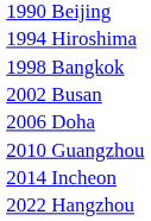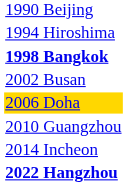 <table>
 <tr>
 <td><a href='#'>1990 Beijing</a></td>
 <td></td>
 <td></td>
 <td></td>
 </tr>
 <tr>
 <td><a href='#'>1994 Hiroshima</a></td>
 <td></td>
 <td></td>
 <td></td>
 </tr>
 <tr>
-<td><a href='#'>1998 Bangkok</a></td>
+<td><strong><a href='#'>1998 Bangkok</a></strong></td>
 <td></td>
 <td></td>
 <td></td>
 </tr>
 <tr>
 <td><a href='#'>2002 Busan</a></td>
 <td></td>
 <td></td>
 <td></td>
 </tr>
 <tr>
-<td><a href='#'>2006 Doha</a></td>
+<td style="background: gold;"><a href='#'>2006 Doha</a></td>
 <td></td>
 <td></td>
 <td></td>
 </tr>
 <tr>
 <td rowspan=2><a href='#'>2010 Guangzhou</a></td>
 <td rowspan=2></td>
 <td rowspan=2></td>
 <td></td>
 </tr>
 <tr>
 <td></td>
 </tr>
 <tr>
 <td><a href='#'>2014 Incheon</a></td>
 <td></td>
 <td></td>
 <td></td>
 </tr>
 <tr>
-<td><a href='#'>2022 Hangzhou</a></td>
+<td><strong><a href='#'>2022 Hangzhou</a></strong></td>
 <td></td>
 <td></td>
 <td></td>
 </tr>
 </table>
